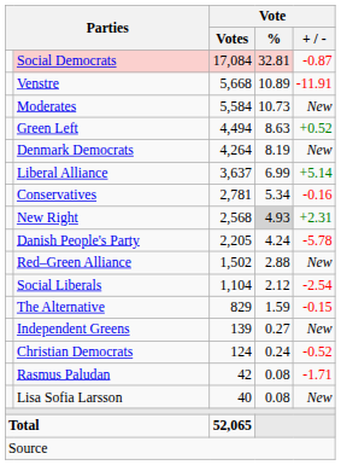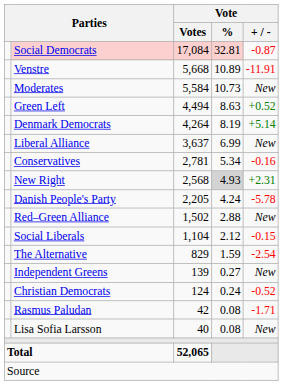 <table class="wikitable" style="text-align:right;">
 <tr>
 <th style="text-align:centre;" rowspan="2" colspan="2" width="225">Parties</th>
 <th colspan="3">Vote</th>
 </tr>
 <tr>
 <th width="15">Votes</th>
 <th width="15">%</th>
 <th width="15">+ / -</th>
 </tr>
 <tr>
 <td width="2" style="color:inherit;background:"></td>
 <td bgcolor=#fbd0ce  align="left"><a href='#'>Social Democrats</a></td>
 <td bgcolor=#fbd0ce>17,084</td>
 <td bgcolor=#fbd0ce>32.81</td>
 <td style=color:red;>-0.87</td>
 </tr>
 <tr>
 <td width="2" style="color:inherit;background:"></td>
 <td align="left"><a href='#'>Venstre</a></td>
 <td>5,668</td>
 <td>10.89</td>
 <td style=color:red;>-11.91</td>
 </tr>
 <tr>
 <td width="2" style="color:inherit;background:"></td>
 <td align="left"><a href='#'>Moderates</a></td>
 <td>5,584</td>
 <td>10.73</td>
 <td><em>New</em></td>
 </tr>
 <tr>
 <td width="2" style="color:inherit;background:"></td>
 <td align="left"><a href='#'>Green Left</a></td>
 <td>4,494</td>
 <td>8.63</td>
 <td style=color:green;>+0.52</td>
 </tr>
 <tr>
 <td width="2" style="color:inherit;background:"></td>
 <td align="left"><a href='#'>Denmark Democrats</a></td>
 <td>4,264</td>
 <td>8.19</td>
-<td><em>New</em></td>
+<td style=color:green;>+5.14</td>
 </tr>
 <tr>
 <td width="2" style="color:inherit;background:"></td>
 <td align="left"><a href='#'>Liberal Alliance</a></td>
 <td>3,637</td>
 <td>6.99</td>
-<td style=color:green;>+5.14</td>
+<td><em>New</em></td>
 </tr>
 <tr>
 <td width="2" style="color:inherit;background:"></td>
 <td align="left"><a href='#'>Conservatives</a></td>
 <td>2,781</td>
 <td>5.34</td>
 <td style=color:red;>-0.16</td>
 </tr>
 <tr>
 <td width="2" style="color:inherit;background:"></td>
 <td align="left"><a href='#'>New Right</a></td>
 <td>2,568</td>
 <td style="background: lightgrey;">4.93</td>
 <td style=color:green;>+2.31</td>
 </tr>
 <tr>
 <td width="2" style="color:inherit;background:"></td>
 <td align="left"><a href='#'>Danish People's Party</a></td>
 <td>2,205</td>
 <td>4.24</td>
 <td style=color:red;>-5.78</td>
 </tr>
 <tr>
 <td width="2" style="color:inherit;background:"></td>
 <td align="left"><a href='#'>Red–Green Alliance</a></td>
 <td>1,502</td>
 <td>2.88</td>
 <td><em>New</em></td>
 </tr>
 <tr>
 <td width="2" style="color:inherit;background:"></td>
 <td align="left"><a href='#'>Social Liberals</a></td>
 <td>1,104</td>
 <td>2.12</td>
-<td style=color:red;>-2.54</td>
+<td style=color:red;>-0.15</td>
 </tr>
 <tr>
 <td width="2" style="color:inherit;background:"></td>
 <td align="left"><a href='#'>The Alternative</a></td>
 <td>829</td>
 <td>1.59</td>
-<td style=color:red;>-0.15</td>
+<td style=color:red;>-2.54</td>
 </tr>
 <tr>
 <td width="2" style="color:inherit;background:"></td>
 <td align="left"><a href='#'>Independent Greens</a></td>
 <td>139</td>
 <td>0.27</td>
 <td><em>New</em></td>
 </tr>
 <tr>
 <td width="2" style="color:inherit;background:"></td>
 <td align="left"><a href='#'>Christian Democrats</a></td>
 <td>124</td>
 <td>0.24</td>
 <td style=color:red;>-0.52</td>
 </tr>
 <tr>
 <td width="2" style="color:inherit;background:"></td>
 <td align="left"><a href='#'>Rasmus Paludan</a></td>
 <td>42</td>
 <td>0.08</td>
 <td style=color:red;>-1.71</td>
 </tr>
 <tr>
 <td width="2" style="color:inherit;background:"></td>
 <td align="left">Lisa Sofia Larsson</td>
 <td>40</td>
 <td>0.08</td>
 <td><em>New</em></td>
 </tr>
 <tr>
 <td colspan="7" bgcolor="#E9E9E9"></td>
 </tr>
 <tr>
 <td align="left" colspan="2"><strong>Total</strong></td>
 <td><strong>52,065</strong></td>
 <td bgcolor="#E9E9E9" colspan="2"></td>
 </tr>
 <tr>
 <td align="left" colspan="6">Source</td>
 </tr>
 </table>
